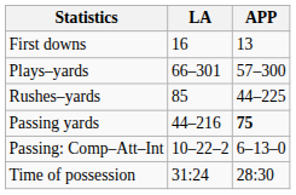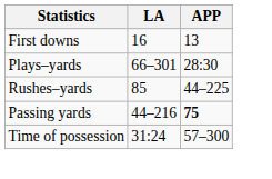 <table class="wikitable">
 <tr>
 <th>Statistics</th>
 <th>LA</th>
 <th>APP</th>
 </tr>
 <tr>
 <td>First downs</td>
 <td>16</td>
 <td>13</td>
 </tr>
 <tr>
 <td>Plays–yards</td>
 <td>66–301</td>
-<td>57–300</td>
+<td>28:30</td>
 </tr>
 <tr>
 <td>Rushes–yards</td>
 <td>85</td>
 <td>44–225</td>
 </tr>
 <tr>
 <td>Passing yards</td>
 <td>44–216</td>
 <td><strong>75</strong></td>
 </tr>
 <tr>
-<td>Passing: Comp–Att–Int</td>
-<td>10–22–2</td>
-<td>6–13–0</td>
-</tr>
-<tr>
 <td>Time of possession</td>
 <td>31:24</td>
-<td>28:30</td>
+<td>57–300</td>
 </tr>
 </table>
